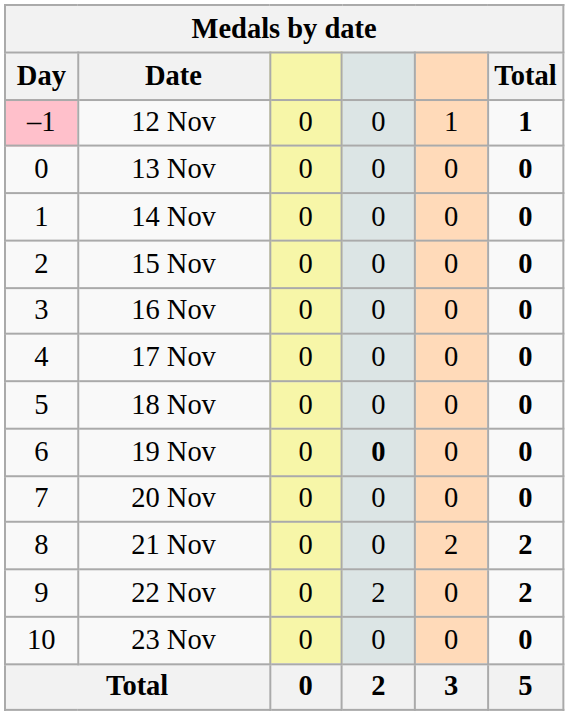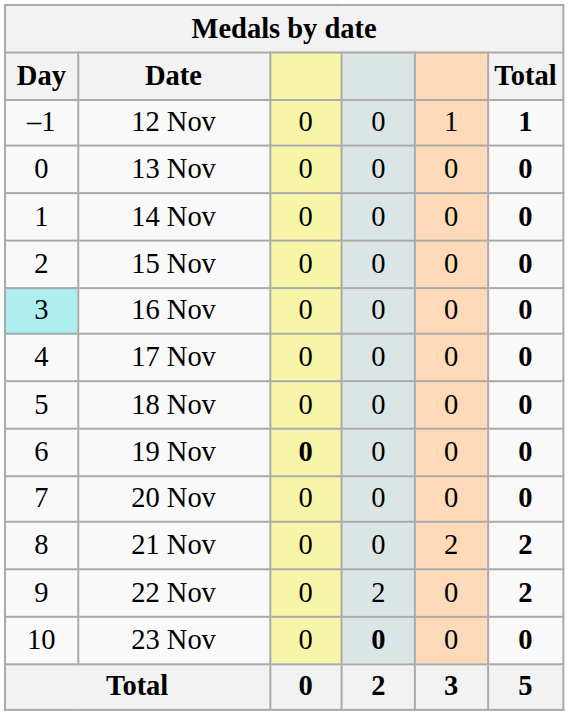 <table class="wikitable" style="font-size:90%; text-align:center;">
 <tr style="background:#efefef;">
 <th colspan=6><strong>Medals by date</strong></th>
 </tr>
 <tr>
 <th width=30><strong>Day</strong></th>
 <th width=90><strong>Date</strong></th>
 <th width=30 style="background:#F7F6A8;"></th>
 <th width=30 style="background:#DCE5E5;"></th>
 <th width=30 style="background:#FFDAB9;"></th>
 <th width=30><strong>Total</strong></th>
 </tr>
 <tr>
-<td style="background: pink;">–1</td>
+<td>–1</td>
 <td>12 Nov</td>
 <td style="background:#F7F6A8;">0</td>
 <td style="background:#DCE5E5;">0</td>
 <td style="background:#FFDAB9;">1</td>
 <td><strong>1</strong></td>
 </tr>
 <tr>
 <td>0</td>
 <td>13 Nov</td>
 <td style="background:#F7F6A8;">0</td>
 <td style="background:#DCE5E5;">0</td>
 <td style="background:#FFDAB9;">0</td>
 <td><strong>0</strong></td>
 </tr>
 <tr>
 <td>1</td>
 <td>14 Nov</td>
 <td style="background:#F7F6A8;">0</td>
 <td style="background:#DCE5E5;">0</td>
 <td style="background:#FFDAB9;">0</td>
 <td><strong>0</strong></td>
 </tr>
 <tr>
 <td>2</td>
 <td>15 Nov</td>
 <td style="background:#F7F6A8;">0</td>
 <td style="background:#DCE5E5;">0</td>
 <td style="background:#FFDAB9;">0</td>
 <td><strong>0</strong></td>
 </tr>
 <tr>
-<td>3</td>
+<td style="background: paleturquoise;">3</td>
 <td>16 Nov</td>
 <td style="background:#F7F6A8;">0</td>
 <td style="background:#DCE5E5;">0</td>
 <td style="background:#FFDAB9;">0</td>
 <td><strong>0</strong></td>
 </tr>
 <tr>
 <td>4</td>
 <td>17 Nov</td>
 <td style="background:#F7F6A8;">0</td>
 <td style="background:#DCE5E5;">0</td>
 <td style="background:#FFDAB9;">0</td>
 <td><strong>0</strong></td>
 </tr>
 <tr>
 <td>5</td>
 <td>18 Nov</td>
 <td style="background:#F7F6A8;">0</td>
 <td style="background:#DCE5E5;">0</td>
 <td style="background:#FFDAB9;">0</td>
 <td><strong>0</strong></td>
 </tr>
 <tr>
 <td>6</td>
 <td>19 Nov</td>
-<td style="background:#F7F6A8;">0</td>
-<td style="background:#DCE5E5;"><strong>0</strong></td>
+<td style="background:#F7F6A8;"><strong>0</strong></td>
+<td style="background:#DCE5E5;">0</td>
 <td style="background:#FFDAB9;">0</td>
 <td><strong>0</strong></td>
 </tr>
 <tr>
 <td>7</td>
 <td>20 Nov</td>
 <td style="background:#F7F6A8;">0</td>
 <td style="background:#DCE5E5;">0</td>
 <td style="background:#FFDAB9;">0</td>
 <td><strong>0</strong></td>
 </tr>
 <tr>
 <td>8</td>
 <td>21 Nov</td>
 <td style="background:#F7F6A8;">0</td>
 <td style="background:#DCE5E5;">0</td>
 <td style="background:#FFDAB9;">2</td>
 <td><strong>2</strong></td>
 </tr>
 <tr>
 <td>9</td>
 <td>22 Nov</td>
 <td style="background:#F7F6A8;">0</td>
 <td style="background:#DCE5E5;">2</td>
 <td style="background:#FFDAB9;">0</td>
 <td><strong>2</strong></td>
 </tr>
 <tr>
 <td>10</td>
 <td>23 Nov</td>
 <td style="background:#F7F6A8;">0</td>
-<td style="background:#DCE5E5;">0</td>
+<td style="background:#DCE5E5;"><strong>0</strong></td>
 <td style="background:#FFDAB9;">0</td>
 <td><strong>0</strong></td>
 </tr>
 <tr>
 <th colspan="2"><strong>Total</strong></th>
 <th><strong>0</strong></th>
 <th><strong>2</strong></th>
 <th><strong>3</strong></th>
 <th><strong>5</strong></th>
 </tr>
 </table>
